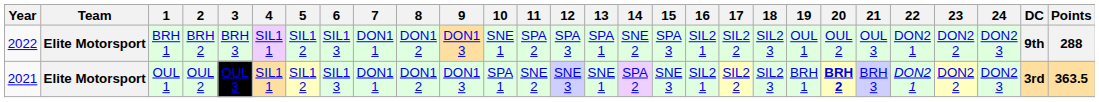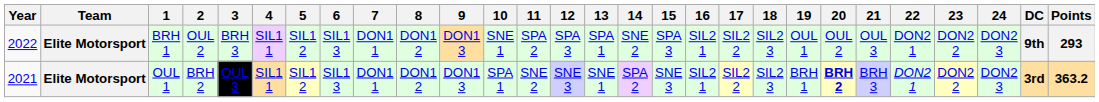 <table class="wikitable" style="text-align:center; font-size:85%">
 <tr>
 <th>Year</th>
 <th>Team</th>
 <th>1</th>
 <th>2</th>
 <th>3</th>
 <th>4</th>
 <th>5</th>
 <th>6</th>
 <th>7</th>
 <th>8</th>
 <th>9</th>
 <th>10</th>
 <th>11</th>
 <th>12</th>
 <th>13</th>
 <th>14</th>
 <th>15</th>
 <th>16</th>
 <th>17</th>
 <th>18</th>
 <th>19</th>
 <th>20</th>
 <th>21</th>
 <th>22</th>
 <th>23</th>
 <th>24</th>
 <th>DC</th>
 <th>Points</th>
 </tr>
 <tr>
 <td><a href='#'>2022</a></td>
 <th nowrap>Elite Motorsport</th>
 <td style="background:#DFFFDF;"><a href='#'>BRH<br>1</a><br></td>
-<td style="background:#DFFFDF;"><a href='#'>BRH<br>2</a><br></td>
+<td style="background:#DFFFDF;"><a href='#'>OUL<br>2</a><br></td>
 <td style="background:#DFFFDF;"><a href='#'>BRH<br>3</a><br></td>
 <td style="background:#EFCFFF;"><a href='#'>SIL1<br>1</a><br></td>
 <td style="background:#DFFFDF;"><a href='#'>SIL1<br>2</a><br></td>
 <td style="background:#DFFFDF;"><a href='#'>SIL1<br>3</a><br></td>
 <td style="background:#DFFFDF;"><a href='#'>DON1<br>1</a><br></td>
 <td style="background:#DFFFDF;"><a href='#'>DON1<br>2</a><br></td>
 <td style="background:#FFDF9F;"><a href='#'>DON1<br>3</a><br></td>
 <td style="background:#DFFFDF;"><a href='#'>SNE<br>1</a><br></td>
 <td style="background:#DFFFDF;"><a href='#'>SPA<br>2</a><br></td>
 <td style="background:#DFFFDF;"><a href='#'>SPA<br>3</a><br></td>
 <td style="background:#DFFFDF;"><a href='#'>SPA<br>1</a><br></td>
 <td style="background:#DFFFDF;"><a href='#'>SNE<br>2</a><br></td>
 <td style="background:#DFFFDF;"><a href='#'>SPA<br>3</a><br></td>
 <td style="background:#DFFFDF;"><a href='#'>SIL2<br>1</a><br></td>
 <td style="background:#DFFFDF;"><a href='#'>SIL2<br>2</a><br></td>
 <td style="background:#DFFFDF;"><a href='#'>SIL2<br>3</a><br></td>
 <td style="background:#DFFFDF;"><a href='#'>OUL<br>1</a><br></td>
 <td style="background:#DFFFDF;"><a href='#'>OUL<br>2</a><br></td>
 <td style="background:#DFFFDF;"><a href='#'>OUL<br>3</a><br></td>
 <td style="background:#DFFFDF;"><a href='#'>DON2<br>1</a><br></td>
 <td style="background:#DFFFDF;"><a href='#'>DON2<br>2</a><br></td>
 <td style="background:#DFFFDF;"><a href='#'>DON2<br>3</a><br></td>
 <th>9th</th>
-<th>288</th>
+<th>293</th>
 </tr>
 <tr>
 <td><a href='#'>2021</a></td>
 <th nowrap>Elite Motorsport</th>
 <td style="background:#DFFFDF;"><a href='#'>OUL<br>1</a><br></td>
-<td style="background:#DFFFDF;"><a href='#'>OUL<br>2</a><br></td>
+<td style="background:#DFFFDF;"><a href='#'>BRH<br>2</a><br></td>
 <td style="background:#000000;color:#ffffff"><a href='#'><span>OUL<br>3</span></a><br></td>
 <td style="background:#FFDF9F;"><a href='#'>SIL1<br>1</a><br></td>
 <td style="background:#FFFFBF;"><a href='#'>SIL1<br>2</a> <br></td>
 <td style="background:#DFFFDF;"><a href='#'>SIL1<br>3</a><br></td>
 <td style="background:#DFFFDF;"><a href='#'>DON1<br>1</a><br></td>
 <td style="background:#DFFFDF;"><a href='#'>DON1<br>2</a><br></td>
 <td style="background:#DFFFDF;"><a href='#'>DON1<br>3</a><br></td>
 <td style="background:#DFFFDF;"><a href='#'>SPA<br>1</a><br></td>
 <td style="background:#DFFFDF;"><a href='#'>SNE<br>2</a><br></td>
 <td style="background:#CFCFFF;"><a href='#'>SNE<br>3</a><br></td>
 <td style="background:#DFFFDF;"><a href='#'>SNE<br>1</a><br></td>
 <td style="background:#EFCFFF;"><a href='#'>SPA<br>2</a><br></td>
 <td style="background:#DFFFDF;"><a href='#'>SNE<br>3</a><br></td>
 <td style="background:#DFFFDF;"><a href='#'>SIL2<br>1</a><br></td>
 <td style="background:#FFFFBF;"><a href='#'>SIL2<br>2</a><br></td>
 <td style="background:#DFFFDF;"><a href='#'>SIL2<br>3</a><br></td>
 <td style="background:#DFFFDF;"><a href='#'>BRH<br>1</a><br></td>
 <td style="background:#FFFFBF;"><strong><a href='#'>BRH<br>2</a></strong><br></td>
 <td style="background:#CFCFFF;"><a href='#'>BRH<br>3</a><br></td>
 <td style="background:#DFFFDF;"><em><a href='#'>DON2<br>1</a></em><br></td>
 <td style="background:#FFFFBF;"><a href='#'>DON2<br>2</a><br></td>
 <td style="background:#DFFFDF;"><a href='#'>DON2<br>3</a><br></td>
 <th style="background:#FFDF9F;">3rd</th>
-<th style="background:#FFDF9F;">363.5</th>
+<th style="background:#FFDF9F;">363.2</th>
 </tr>
 </table>
